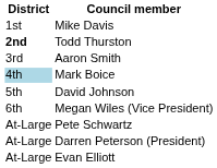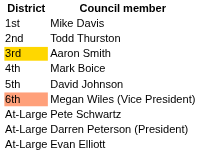 <table class=wikita>
 <tr>
 <th>District</th>
 <th>Council member</th>
 </tr>
 <tr>
 <td>1st</td>
 <td>Mike Davis</td>
 <td></td>
 </tr>
 <tr>
-<td><strong>2nd</strong></td>
+<td>2nd</td>
 <td>Todd Thurston</td>
 <td></td>
 </tr>
 <tr>
-<td>3rd</td>
+<td style="background: gold;">3rd</td>
 <td>Aaron Smith</td>
 <td></td>
 </tr>
 <tr>
-<td style="background: lightblue;">4th</td>
+<td>4th</td>
 <td>Mark Boice</td>
 <td></td>
 </tr>
 <tr>
 <td>5th</td>
 <td>David Johnson</td>
 <td></td>
 </tr>
 <tr>
-<td>6th</td>
+<td style="background: lightsalmon;">6th</td>
 <td>Megan Wiles (Vice President)</td>
 <td></td>
 </tr>
 <tr>
 <td>At-Large</td>
 <td>Pete Schwartz</td>
 <td></td>
 </tr>
 <tr>
 <td>At-Large</td>
 <td>Darren Peterson (President)</td>
 <td></td>
 </tr>
 <tr>
 <td>At-Large</td>
 <td>Evan Elliott</td>
 <td></td>
 </tr>
 </table>
